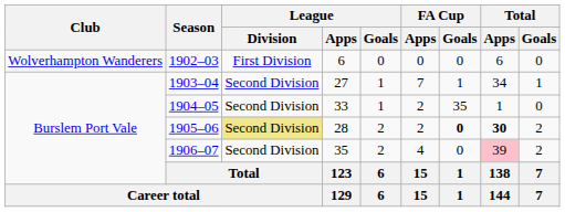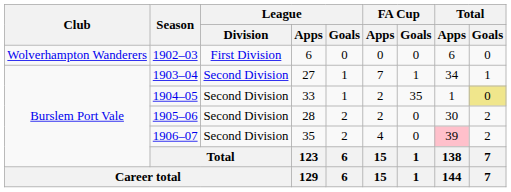 <table class="wikitable" style="text-align: center;">
 <tr>
 <th rowspan="2">Club</th>
 <th rowspan="2">Season</th>
 <th colspan="3">League</th>
 <th colspan="2">FA Cup</th>
 <th colspan="2">Total</th>
 </tr>
 <tr>
 <th>Division</th>
 <th>Apps</th>
 <th>Goals</th>
 <th>Apps</th>
 <th>Goals</th>
 <th>Apps</th>
 <th>Goals</th>
 </tr>
 <tr>
 <td><a href='#'>Wolverhampton Wanderers</a></td>
 <td><a href='#'>1902–03</a></td>
 <td><a href='#'>First Division</a></td>
 <td>6</td>
 <td>0</td>
 <td>0</td>
 <td>0</td>
 <td>6</td>
 <td>0</td>
 </tr>
 <tr>
 <td rowspan="5"><a href='#'>Burslem Port Vale</a></td>
 <td><a href='#'>1903–04</a></td>
 <td><a href='#'>Second Division</a></td>
 <td>27</td>
 <td>1</td>
 <td>7</td>
 <td>1</td>
 <td>34</td>
 <td>1</td>
 </tr>
 <tr>
 <td><a href='#'>1904–05</a></td>
 <td>Second Division</td>
 <td>33</td>
 <td>1</td>
 <td>2</td>
 <td>35</td>
 <td>1</td>
-<td>0</td>
+<td style="background: khaki;">0</td>
 </tr>
 <tr>
 <td><a href='#'>1905–06</a></td>
-<td style="background: khaki;">Second Division</td>
+<td>Second Division</td>
 <td>28</td>
 <td>2</td>
 <td>2</td>
-<td><strong>0</strong></td>
-<td><strong>30</strong></td>
+<td>0</td>
+<td>30</td>
 <td>2</td>
 </tr>
 <tr>
 <td><a href='#'>1906–07</a></td>
 <td>Second Division</td>
 <td>35</td>
 <td>2</td>
 <td>4</td>
 <td>0</td>
 <td style="background: pink;">39</td>
 <td>2</td>
 </tr>
 <tr>
 <th colspan="2">Total</th>
 <th>123</th>
 <th>6</th>
 <th>15</th>
 <th>1</th>
 <th>138</th>
 <th>7</th>
 </tr>
 <tr>
 <th colspan="3">Career total</th>
 <th>129</th>
 <th>6</th>
 <th>15</th>
 <th>1</th>
 <th>144</th>
 <th>7</th>
 </tr>
 </table>
